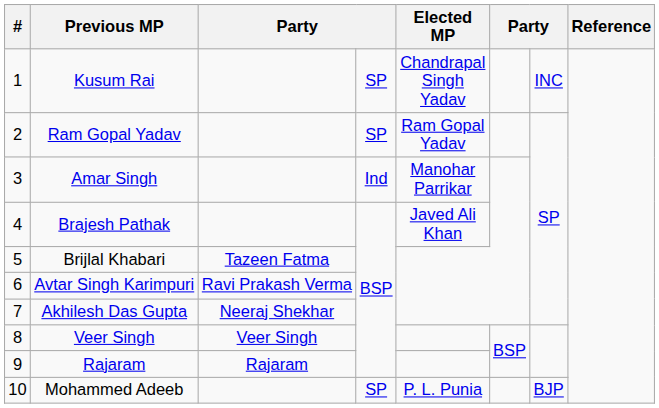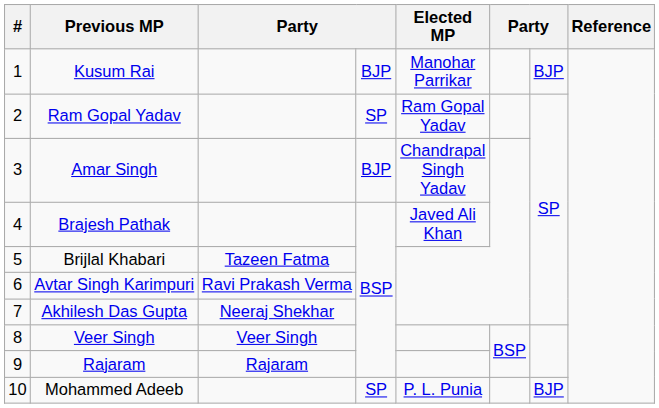 <table class="wikitable">
 <tr>
 <th>#</th>
 <th>Previous MP</th>
 <th colspan=2>Party</th>
 <th>Elected MP</th>
 <th colspan=2>Party</th>
 <th>Reference</th>
 </tr>
 <tr style="text-align:center;">
 <td>1</td>
 <td><a href='#'>Kusum Rai</a></td>
 <td></td>
-<td><a href='#'>SP</a></td>
-<td><a href='#'>Chandrapal Singh Yadav</a></td>
+<td><a href='#'>BJP</a></td>
+<td><a href='#'>Manohar Parrikar</a></td>
 <td></td>
-<td><a href='#'>INC</a></td>
+<td><a href='#'>BJP</a></td>
 <td rowspan=10></td>
 </tr>
 <tr style="text-align:center;">
 <td>2</td>
 <td><a href='#'>Ram Gopal Yadav</a></td>
 <td></td>
 <td><a href='#'>SP</a></td>
 <td><a href='#'>Ram Gopal Yadav</a></td>
 <td></td>
 <td rowspan="6"><a href='#'>SP</a></td>
 </tr>
 <tr style="text-align:center;">
 <td>3</td>
 <td><a href='#'>Amar Singh</a></td>
 <td></td>
-<td><a href='#'>Ind</a></td>
-<td><a href='#'>Manohar Parrikar</a></td>
+<td><a href='#'>BJP</a></td>
+<td><a href='#'>Chandrapal Singh Yadav</a></td>
 </tr>
 <tr style="text-align:center;">
 <td>4</td>
 <td><a href='#'>Brajesh Pathak</a></td>
 <td></td>
 <td rowspan="6"><a href='#'>BSP</a></td>
 <td><a href='#'>Javed Ali Khan</a></td>
 </tr>
 <tr style="text-align:center;">
 <td>5</td>
 <td>Brijlal Khabari</td>
 <td><a href='#'>Tazeen Fatma</a></td>
 </tr>
 <tr style="text-align:center;">
 <td>6</td>
 <td><a href='#'>Avtar Singh Karimpuri</a></td>
 <td><a href='#'>Ravi Prakash Verma</a></td>
 </tr>
 <tr style="text-align:center;">
 <td>7</td>
 <td><a href='#'>Akhilesh Das Gupta</a></td>
 <td><a href='#'>Neeraj Shekhar</a></td>
 </tr>
 <tr style="text-align:center;">
 <td>8</td>
 <td><a href='#'>Veer Singh</a></td>
 <td><a href='#'>Veer Singh</a></td>
 <td width="1px"></td>
 <td rowspan="2"><a href='#'>BSP</a></td>
 </tr>
 <tr style="text-align:center;">
 <td>9</td>
 <td><a href='#'>Rajaram</a></td>
 <td><a href='#'>Rajaram</a></td>
 </tr>
 <tr style="text-align:center;">
 <td>10</td>
 <td>Mohammed Adeeb</td>
 <td></td>
 <td><a href='#'>SP</a></td>
 <td><a href='#'>P. L. Punia</a></td>
 <td></td>
 <td><a href='#'>BJP</a></td>
 </tr>
 </table>
